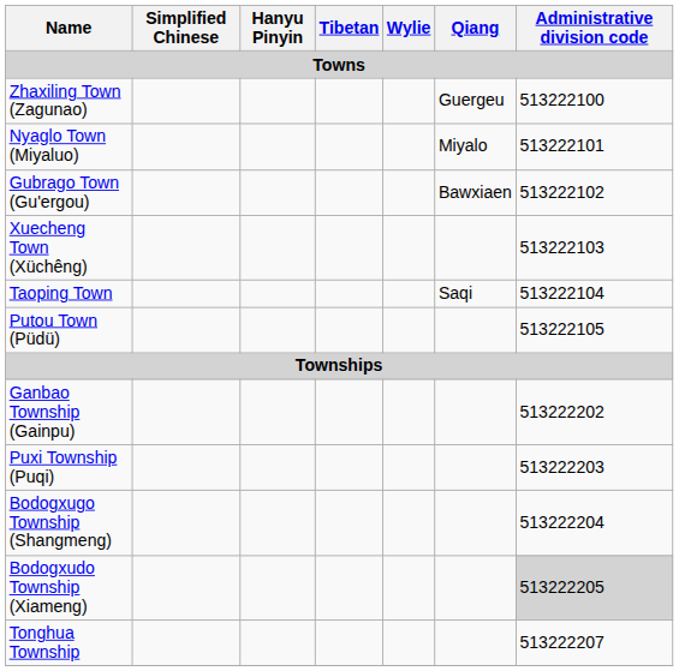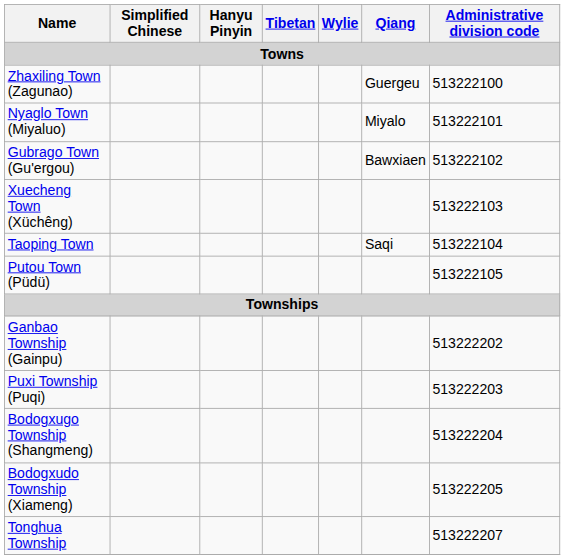 <table class="wikitable" align="center" style="width:50%; border="1">
 <tr>
 <th>Name</th>
 <th>Simplified Chinese</th>
 <th>Hanyu Pinyin</th>
 <th><a href='#'>Tibetan</a></th>
 <th><a href='#'>Wylie</a></th>
 <th><a href='#'>Qiang</a></th>
 <th><a href='#'>Administrative division code</a></th>
 </tr>
 <tr>
 <td colspan="8"  style="text-align:center; background:#d3d3d3;"><strong>Towns</strong></td>
 </tr>
 <tr --------->
 <td><a href='#'>Zhaxiling Town</a><br>(Zagunao)</td>
 <td></td>
 <td></td>
 <td></td>
 <td></td>
 <td>Guergeu</td>
 <td>513222100</td>
 </tr>
 <tr>
 <td><a href='#'>Nyaglo Town</a><br>(Miyaluo)</td>
 <td></td>
 <td></td>
 <td></td>
 <td></td>
 <td>Miyalo</td>
 <td>513222101</td>
 </tr>
 <tr>
 <td><a href='#'>Gubrago Town</a><br>(Gu'ergou)</td>
 <td></td>
 <td></td>
 <td></td>
 <td></td>
 <td>Bawxiaen</td>
 <td>513222102</td>
 </tr>
 <tr>
 <td><a href='#'>Xuecheng Town</a><br>(Xüchêng)</td>
 <td></td>
 <td></td>
 <td></td>
 <td></td>
 <td></td>
 <td>513222103</td>
 </tr>
 <tr>
 <td><a href='#'>Taoping Town</a></td>
 <td></td>
 <td></td>
 <td></td>
 <td></td>
 <td>Saqi</td>
 <td>513222104</td>
 </tr>
 <tr>
 <td><a href='#'>Putou Town</a><br>(Püdü)</td>
 <td></td>
 <td></td>
 <td></td>
 <td></td>
 <td></td>
 <td>513222105</td>
 </tr>
 <tr --------->
 <td colspan="8"  style="text-align:center; background:#d3d3d3;"><strong>Townships</strong></td>
 </tr>
 <tr --------->
 <td><a href='#'>Ganbao Township</a><br>(Gainpu)</td>
 <td></td>
 <td></td>
 <td></td>
 <td></td>
 <td></td>
 <td>513222202</td>
 </tr>
 <tr>
 <td><a href='#'>Puxi Township</a><br>(Puqi)</td>
 <td></td>
 <td></td>
 <td></td>
 <td></td>
 <td></td>
 <td>513222203</td>
 </tr>
 <tr>
 <td><a href='#'>Bodogxugo Township</a><br>(Shangmeng)</td>
 <td></td>
 <td></td>
 <td></td>
 <td></td>
 <td></td>
 <td>513222204</td>
 </tr>
 <tr>
 <td><a href='#'>Bodogxudo Township</a><br>(Xiameng)</td>
 <td></td>
 <td></td>
 <td></td>
 <td></td>
 <td></td>
-<td style="background: lightgrey;">513222205</td>
+<td>513222205</td>
 </tr>
 <tr>
 <td><a href='#'>Tonghua Township</a></td>
 <td></td>
 <td></td>
 <td></td>
 <td></td>
 <td></td>
 <td>513222207</td>
 </tr>
 <tr>
 </tr>
 </table>
